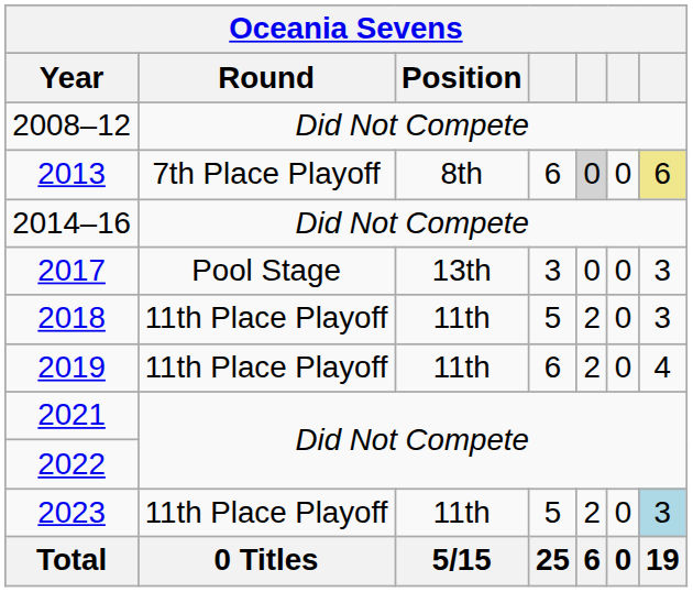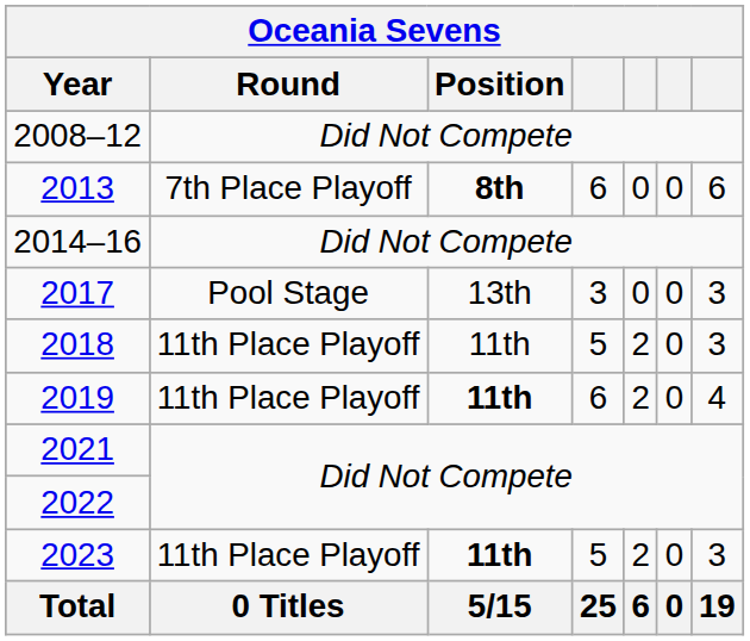 <table class="wikitable" style="text-align: center;">
 <tr>
 <th colspan="7"><a href='#'>Oceania Sevens</a></th>
 </tr>
 <tr>
 <th>Year</th>
 <th>Round</th>
 <th>Position</th>
 <th></th>
 <th></th>
 <th></th>
 <th></th>
 </tr>
 <tr>
 <td>2008–12</td>
 <td colspan="6"><em>Did Not Compete</em></td>
 </tr>
 <tr>
 <td> <a href='#'>2013</a></td>
 <td>7th Place Playoff</td>
-<td>8th</td>
+<td><strong>8th</strong></td>
 <td>6</td>
-<td style="background: lightgrey;">0</td>
 <td>0</td>
-<td style="background: khaki;">6</td>
+<td>0</td>
+<td>6</td>
 </tr>
 <tr>
 <td>2014–16</td>
 <td colspan="6"><em>Did Not Compete</em></td>
 </tr>
 <tr>
 <td> <a href='#'>2017</a></td>
 <td>Pool Stage</td>
 <td>13th</td>
 <td>3</td>
 <td>0</td>
 <td>0</td>
 <td>3</td>
 </tr>
 <tr>
 <td> <a href='#'>2018</a></td>
 <td>11th Place Playoff</td>
 <td>11th</td>
 <td>5</td>
 <td>2</td>
 <td>0</td>
 <td>3</td>
 </tr>
 <tr>
 <td> <a href='#'>2019</a></td>
 <td>11th Place Playoff</td>
-<td>11th</td>
+<td><strong>11th</strong></td>
 <td>6</td>
 <td>2</td>
 <td>0</td>
 <td>4</td>
 </tr>
 <tr>
 <td> <a href='#'>2021</a></td>
 <td colspan="6" rowspan="2"><em>Did Not Compete</em></td>
 </tr>
 <tr>
 <td> <a href='#'>2022</a></td>
 </tr>
 <tr>
 <td> <a href='#'>2023</a></td>
 <td>11th Place Playoff</td>
-<td>11th</td>
+<td><strong>11th</strong></td>
 <td>5</td>
 <td>2</td>
 <td>0</td>
-<td style="background: lightblue;">3</td>
+<td>3</td>
 </tr>
 <tr>
 <th>Total</th>
 <th>0 Titles</th>
 <th>5/15</th>
 <th>25</th>
 <th>6</th>
 <th>0</th>
 <th>19</th>
 </tr>
 </table>
